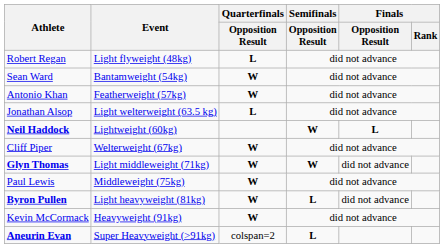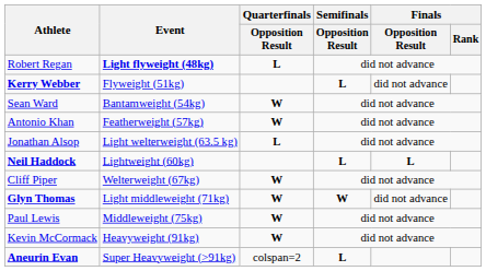 <table class="wikitable" style="font-size:90%; text-align:center">
 <tr>
 <th rowspan=2>Athlete</th>
 <th rowspan=2>Event</th>
 <th>Quarterfinals</th>
 <th>Semifinals</th>
 <th colspan=2>Finals</th>
 </tr>
 <tr style="font-size:95%">
 <th>Opposition<br>Result</th>
 <th>Opposition<br>Result</th>
 <th>Opposition<br>Result</th>
 <th>Rank</th>
 </tr>
 <tr>
 <td align=left><a href='#'>Robert Regan</a></td>
-<td align=left><a href='#'>Light flyweight (48kg)</a></td>
+<td align=left><strong><a href='#'>Light flyweight (48kg)</a></strong></td>
 <td> <strong>L</strong></td>
 <td colspan=3>did not advance</td>
+</tr>
+<tr>
+<td align=left><strong><a href='#'>Kerry Webber</a></strong></td>
+<td align=left><a href='#'>Flyweight (51kg)</a></td>
+<td></td>
+<td> <strong>L</strong></td>
+<td>did not advance</td>
+<td></td>
 </tr>
 <tr>
 <td align=left><a href='#'>Sean Ward</a></td>
 <td align=left><a href='#'>Bantamweight (54kg)</a></td>
 <td> <strong>W</strong></td>
 <td colspan=3>did not advance</td>
 </tr>
 <tr>
 <td align=left><a href='#'>Antonio Khan</a></td>
 <td align=left><a href='#'>Featherweight (57kg)</a></td>
 <td> <strong>W</strong></td>
 <td colspan=3>did not advance</td>
 </tr>
 <tr>
 <td align=left><a href='#'>Jonathan Alsop</a></td>
 <td align=left><a href='#'>Light welterweight (63.5 kg)</a></td>
 <td> <strong>L</strong></td>
 <td colspan=3>did not advance</td>
 </tr>
 <tr>
 <td align=left><strong><a href='#'>Neil Haddock</a></strong></td>
 <td align=left><a href='#'>Lightweight (60kg)</a></td>
 <td></td>
-<td> <strong>W</strong></td>
+<td> <strong>L</strong></td>
 <td> <strong>L</strong></td>
 <td></td>
 </tr>
 <tr>
 <td align=left><a href='#'>Cliff Piper</a></td>
 <td align=left><a href='#'>Welterweight (67kg)</a></td>
 <td> <strong>W</strong></td>
 <td colspan=3>did not advance</td>
 </tr>
 <tr>
 <td align=left><strong><a href='#'>Glyn Thomas</a></strong></td>
 <td align=left><a href='#'>Light middleweight (71kg)</a></td>
 <td> <strong>W</strong></td>
 <td> <strong>W</strong></td>
 <td>did not advance</td>
 <td><strong></strong></td>
 </tr>
 <tr>
 <td align=left><a href='#'>Paul Lewis</a></td>
 <td align=left><a href='#'>Middleweight (75kg)</a></td>
 <td> <strong>W</strong></td>
 <td colspan=3>did not advance</td>
 </tr>
 <tr>
-<td align=left><strong><a href='#'>Byron Pullen</a></strong></td>
-<td align=left><a href='#'>Light heavyweight (81kg)</a></td>
-<td> <strong>W</strong></td>
-<td> <strong>L</strong></td>
-<td>did not advance</td>
-<td></td>
-</tr>
-<tr>
 <td align=left><a href='#'>Kevin McCormack</a></td>
 <td align=left><a href='#'>Heavyweight (91kg)</a></td>
 <td> <strong>W</strong></td>
 <td colspan=3>did not advance</td>
 </tr>
 <tr>
 <td align=left><strong><a href='#'>Aneurin Evan</a></strong></td>
 <td align=left><a href='#'>Super Heavyweight (>91kg)</a></td>
 <td>colspan=2 </td>
 <td> <strong>L</strong></td>
 <td></td>
 </tr>
 </table>
